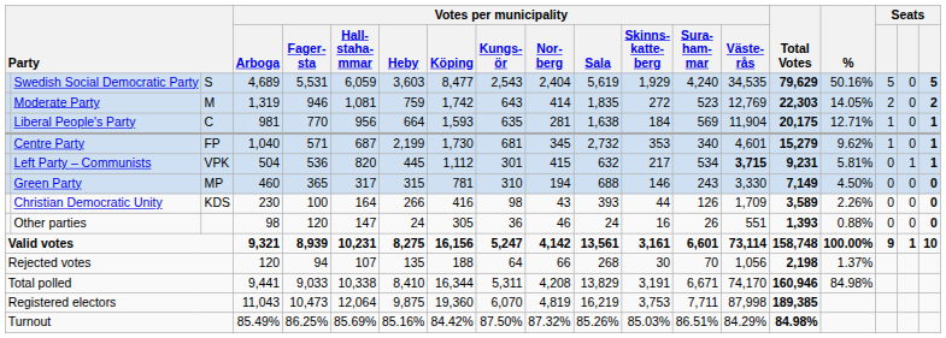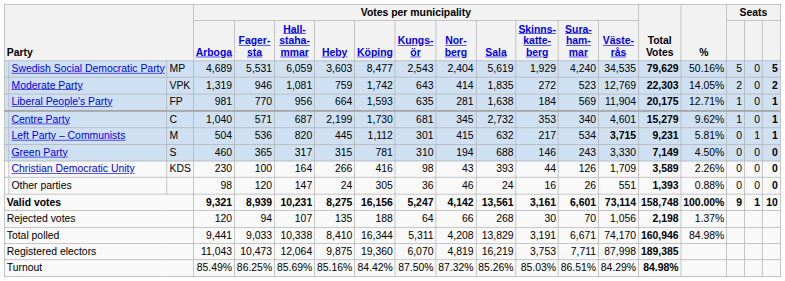 <table class="wikitable" border="1" style="text-align:right;">
 <tr>
 <th style="text-align:left;" valign=bottom rowspan=2 colspan=3>Party</th>
 <th colspan=11>Votes per municipality</th>
 <th align=center valign=bottom rowspan=2 width="50">Total Votes</th>
 <th align=center valign=bottom rowspan=2 width="50">%</th>
 <th colspan=3>Seats</th>
 </tr>
 <tr>
 <th align=center valign=bottom width="50"><a href='#'>Arboga</a></th>
 <th align=center valign=bottom width="50"><a href='#'>Fager- sta</a></th>
 <th align=center valign=bottom width="50"><a href='#'>Hall- staha- mmar</a></th>
 <th align=center valign=bottom width="50"><a href='#'>Heby</a></th>
 <th align=center valign=bottom width="50"><a href='#'>Köping</a></th>
 <th align=center valign=bottom width="50"><a href='#'>Kungs- ör</a></th>
 <th align=center valign=bottom width="50"><a href='#'>Nor- berg</a></th>
 <th align=center valign=bottom width="50"><a href='#'>Sala</a></th>
 <th align=center valign=bottom width="50"><a href='#'>Skinns- katte- berg</a></th>
 <th align=center valign=bottom width="50"><a href='#'>Sura- ham- mar</a></th>
 <th align=center valign=bottom width="50"><a href='#'>Väste- rås</a></th>
 <th align=center valign=bottom width="20"><small></small></th>
 <th align=center valign=bottom width="20"><small><a href='#'></a></small></th>
 <th align=center valign=bottom width="20"><small></small></th>
 </tr>
 <tr style="background:#CEE0F2;">
 <td></td>
 <td align=left style="white-space: nowrap;"><a href='#'>Swedish Social Democratic Party</a></td>
-<td align=left>S</td>
+<td align=left>MP</td>
 <td>4,689</td>
 <td>5,531</td>
 <td>6,059</td>
 <td>3,603</td>
 <td>8,477</td>
 <td>2,543</td>
 <td>2,404</td>
 <td>5,619</td>
 <td>1,929</td>
 <td>4,240</td>
 <td>34,535</td>
 <td><strong>79,629</strong></td>
 <td>50.16%</td>
 <td>5</td>
 <td>0</td>
 <td><strong>5</strong></td>
 </tr>
 <tr style="background:#CEE0F2;">
 <td></td>
 <td align=left><a href='#'>Moderate Party</a></td>
-<td align=left>M</td>
+<td align=left>VPK</td>
 <td>1,319</td>
 <td>946</td>
 <td>1,081</td>
 <td>759</td>
 <td>1,742</td>
 <td>643</td>
 <td>414</td>
 <td>1,835</td>
 <td>272</td>
 <td>523</td>
 <td>12,769</td>
 <td><strong>22,303</strong></td>
 <td>14.05%</td>
 <td>2</td>
 <td>0</td>
 <td><strong>2</strong></td>
 </tr>
 <tr style="background:#CEE0F2;">
 <td></td>
 <td align=left><a href='#'>Liberal People's Party</a></td>
-<td align=left>C</td>
+<td align=left>FP</td>
 <td>981</td>
 <td>770</td>
 <td>956</td>
 <td>664</td>
 <td>1,593</td>
 <td>635</td>
 <td>281</td>
 <td>1,638</td>
 <td>184</td>
 <td>569</td>
 <td>11,904</td>
 <td><strong>20,175</strong></td>
 <td>12.71%</td>
 <td>1</td>
 <td>0</td>
 <td><strong>1</strong></td>
 </tr>
 <tr style="background:#CEE0F2; border-top:3px solid darkgray;">
 <td></td>
 <td align=left><a href='#'>Centre Party</a></td>
-<td align=left>FP</td>
+<td align=left>C</td>
 <td>1,040</td>
 <td>571</td>
 <td>687</td>
 <td>2,199</td>
 <td>1,730</td>
 <td>681</td>
 <td>345</td>
 <td>2,732</td>
 <td>353</td>
 <td>340</td>
 <td>4,601</td>
 <td><strong>15,279</strong></td>
 <td>9.62%</td>
 <td>1</td>
 <td>0</td>
 <td><strong>1</strong></td>
 </tr>
 <tr style="background:#CEE0F2;">
 <td></td>
 <td align=left><a href='#'>Left Party – Communists</a></td>
-<td align=left>VPK</td>
+<td align=left>M</td>
 <td>504</td>
 <td>536</td>
 <td>820</td>
 <td>445</td>
 <td>1,112</td>
 <td>301</td>
 <td>415</td>
 <td>632</td>
 <td>217</td>
 <td>534</td>
 <td><strong>3,715</strong></td>
 <td><strong>9,231</strong></td>
 <td>5.81%</td>
 <td>0</td>
 <td>1</td>
 <td><strong>1</strong></td>
 </tr>
 <tr style="background:#CEE0F2;">
 <td></td>
 <td align=left><a href='#'>Green Party</a></td>
-<td align=left>MP</td>
+<td align=left>S</td>
 <td>460</td>
 <td>365</td>
 <td>317</td>
 <td>315</td>
 <td>781</td>
 <td>310</td>
 <td>194</td>
 <td>688</td>
 <td>146</td>
 <td>243</td>
 <td>3,330</td>
 <td><strong>7,149</strong></td>
 <td>4.50%</td>
 <td>0</td>
 <td>0</td>
 <td><strong>0</strong></td>
 </tr>
 <tr>
 <td></td>
 <td align=left><a href='#'>Christian Democratic Unity</a></td>
 <td align=left>KDS</td>
 <td>230</td>
 <td>100</td>
 <td>164</td>
 <td>266</td>
 <td>416</td>
 <td>98</td>
 <td>43</td>
 <td>393</td>
 <td>44</td>
 <td>126</td>
 <td>1,709</td>
 <td><strong>3,589</strong></td>
 <td>2.26%</td>
 <td>0</td>
 <td>0</td>
 <td><strong>0</strong></td>
 </tr>
 <tr>
 <td></td>
 <td align=left>Other parties</td>
 <td></td>
 <td>98</td>
 <td>120</td>
 <td>147</td>
 <td>24</td>
 <td>305</td>
 <td>36</td>
 <td>46</td>
 <td>24</td>
 <td>16</td>
 <td>26</td>
 <td>551</td>
 <td><strong>1,393</strong></td>
 <td>0.88%</td>
 <td>0</td>
 <td>0</td>
 <td><strong>0</strong></td>
 </tr>
 <tr style="font-weight:bold">
 <td align=left colspan=3>Valid votes</td>
 <td>9,321</td>
 <td>8,939</td>
 <td>10,231</td>
 <td>8,275</td>
 <td>16,156</td>
 <td>5,247</td>
 <td>4,142</td>
 <td>13,561</td>
 <td>3,161</td>
 <td>6,601</td>
 <td>73,114</td>
 <td>158,748</td>
 <td>100.00%</td>
 <td>9</td>
 <td>1</td>
 <td>10</td>
 </tr>
 <tr>
 <td align=left colspan=3>Rejected votes</td>
 <td>120</td>
 <td>94</td>
 <td>107</td>
 <td>135</td>
 <td>188</td>
 <td>64</td>
 <td>66</td>
 <td>268</td>
 <td>30</td>
 <td>70</td>
 <td>1,056</td>
 <td><strong>2,198</strong></td>
 <td>1.37%</td>
 <td></td>
 <td></td>
 <td></td>
 </tr>
 <tr>
 <td align=left colspan=3>Total polled</td>
 <td>9,441</td>
 <td>9,033</td>
 <td>10,338</td>
 <td>8,410</td>
 <td>16,344</td>
 <td>5,311</td>
 <td>4,208</td>
 <td>13,829</td>
 <td>3,191</td>
 <td>6,671</td>
 <td>74,170</td>
 <td><strong>160,946</strong></td>
 <td>84.98%</td>
 <td></td>
 <td></td>
 <td></td>
 </tr>
 <tr>
 <td align=left colspan=3>Registered electors</td>
 <td>11,043</td>
 <td>10,473</td>
 <td>12,064</td>
 <td>9,875</td>
 <td>19,360</td>
 <td>6,070</td>
 <td>4,819</td>
 <td>16,219</td>
 <td>3,753</td>
 <td>7,711</td>
 <td>87,998</td>
 <td><strong>189,385</strong></td>
 <td></td>
 <td></td>
 <td></td>
 <td></td>
 </tr>
 <tr>
 <td align=left colspan=3>Turnout</td>
 <td>85.49%</td>
 <td>86.25%</td>
 <td>85.69%</td>
 <td>85.16%</td>
 <td>84.42%</td>
 <td>87.50%</td>
 <td>87.32%</td>
 <td>85.26%</td>
 <td>85.03%</td>
 <td>86.51%</td>
 <td>84.29%</td>
 <td><strong>84.98%</strong></td>
 <td></td>
 <td></td>
 <td></td>
 <td></td>
 </tr>
 </table>
